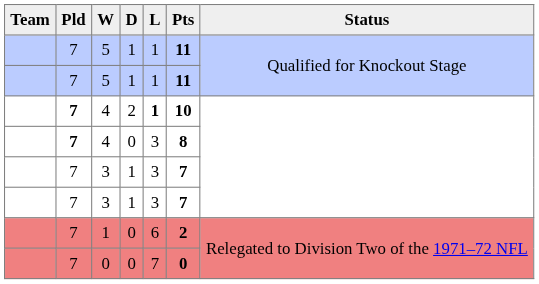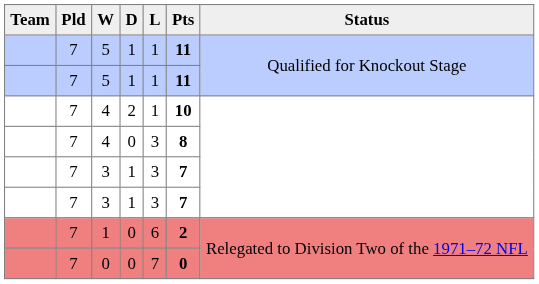 <table style=border-collapse:collapse border=1 cellspacing=0 cellpadding=5>
 <tr align=center bgcolor=#efefef>
 <th>Team</th>
 <th>Pld</th>
 <th>W</th>
 <th>D</th>
 <th>L</th>
 <th>Pts</th>
 <th>Status</th>
 </tr>
 <tr align=center style="background:#bbccff;">
 <td style="text-align:left;"> </td>
 <td>7</td>
 <td>5</td>
 <td>1</td>
 <td>1</td>
 <td><strong>11</strong></td>
 <td rowspan=2>Qualified for Knockout Stage</td>
 </tr>
 <tr align=center style="background:#bbccff;">
 <td style="text-align:left;"> </td>
 <td>7</td>
 <td>5</td>
 <td>1</td>
 <td>1</td>
 <td><strong>11</strong></td>
 </tr>
 <tr align=center style="background:#FFFFFF;">
 <td style="text-align:left;"> </td>
-<td><strong>7</strong></td>
+<td>7</td>
 <td>4</td>
 <td>2</td>
-<td><strong>1</strong></td>
+<td>1</td>
 <td><strong>10</strong></td>
 <td rowspan=4></td>
 </tr>
 <tr align=center style="background:#FFFFFF;">
 <td style="text-align:left;"> </td>
-<td><strong>7</strong></td>
+<td>7</td>
 <td>4</td>
 <td>0</td>
 <td>3</td>
 <td><strong>8</strong></td>
 </tr>
 <tr align=center style="background:#FFFFFF;">
 <td style="text-align:left;"> </td>
 <td>7</td>
 <td>3</td>
 <td>1</td>
 <td>3</td>
 <td><strong>7</strong></td>
 </tr>
 <tr align=center style="background:#FFFFFF;">
 <td style="text-align:left;"> </td>
 <td>7</td>
 <td>3</td>
 <td>1</td>
 <td>3</td>
 <td><strong>7</strong></td>
 </tr>
 <tr align=center style="background:#F08080;">
 <td style="text-align:left;"> </td>
 <td>7</td>
 <td>1</td>
 <td>0</td>
 <td>6</td>
 <td><strong>2</strong></td>
 <td rowspan=2>Relegated to Division Two of the <a href='#'>1971–72 NFL</a></td>
 </tr>
 <tr align=center style="background:#F08080;">
 <td style="text-align:left;"> </td>
 <td>7</td>
 <td>0</td>
 <td>0</td>
 <td>7</td>
 <td><strong>0</strong></td>
 </tr>
 </table>
